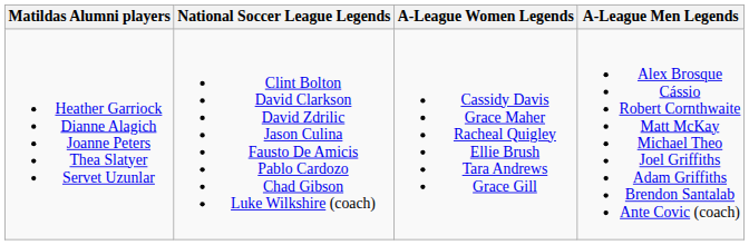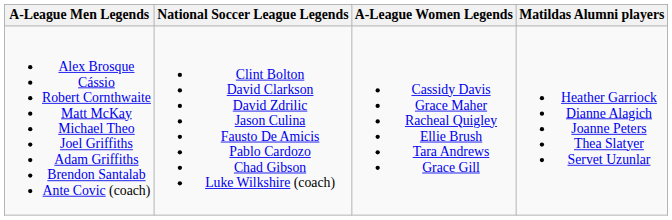 <table class="wikitable" style="text-align: center;">
 <tr>
-<th>Matildas Alumni players</th>
+<th>A-League Men Legends</th>
 <th>National Soccer League Legends</th>
 <th>A-League Women Legends</th>
-<th>A-League Men Legends</th>
+<th>Matildas Alumni players</th>
 </tr>
 <tr>
-<td><br><ul><li><a href='#'>Heather Garriock</a></li><li><a href='#'>Dianne Alagich</a></li><li><a href='#'>Joanne Peters</a></li><li><a href='#'>Thea Slatyer</a></li><li><a href='#'>Servet Uzunlar</a></li></ul></td>
+<td><br><ul><li><a href='#'>Alex Brosque</a></li><li><a href='#'>Cássio</a></li><li><a href='#'>Robert Cornthwaite</a></li><li><a href='#'>Matt McKay</a></li><li><a href='#'>Michael Theo</a></li><li><a href='#'>Joel Griffiths</a></li><li><a href='#'>Adam Griffiths</a></li><li><a href='#'>Brendon Santalab</a></li><li><a href='#'>Ante Covic</a> (coach)</li></ul></td>
 <td><br><ul><li><a href='#'>Clint Bolton</a></li><li><a href='#'>David Clarkson</a></li><li><a href='#'>David Zdrilic</a></li><li><a href='#'>Jason Culina</a></li><li><a href='#'>Fausto De Amicis</a></li><li><a href='#'>Pablo Cardozo</a></li><li><a href='#'>Chad Gibson</a></li><li><a href='#'>Luke Wilkshire</a> (coach)</li></ul></td>
 <td><br><ul><li><a href='#'>Cassidy Davis</a></li><li><a href='#'>Grace Maher</a></li><li><a href='#'>Racheal Quigley</a></li><li><a href='#'>Ellie Brush</a></li><li><a href='#'>Tara Andrews</a></li><li><a href='#'>Grace Gill</a></li></ul></td>
-<td><br><ul><li><a href='#'>Alex Brosque</a></li><li><a href='#'>Cássio</a></li><li><a href='#'>Robert Cornthwaite</a></li><li><a href='#'>Matt McKay</a></li><li><a href='#'>Michael Theo</a></li><li><a href='#'>Joel Griffiths</a></li><li><a href='#'>Adam Griffiths</a></li><li><a href='#'>Brendon Santalab</a></li><li><a href='#'>Ante Covic</a> (coach)</li></ul></td>
+<td><br><ul><li><a href='#'>Heather Garriock</a></li><li><a href='#'>Dianne Alagich</a></li><li><a href='#'>Joanne Peters</a></li><li><a href='#'>Thea Slatyer</a></li><li><a href='#'>Servet Uzunlar</a></li></ul></td>
 </tr>
 </table>
